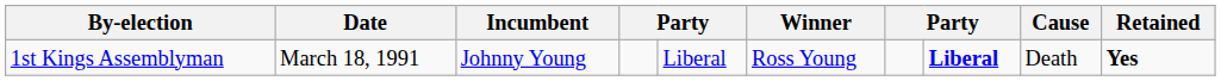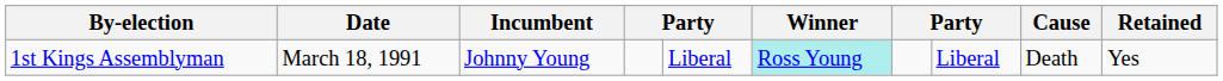 <table class=wikitable style="width:100%">
 <tr>
 <th>By-election</th>
 <th>Date</th>
 <th>Incumbent</th>
 <th colspan=2>Party</th>
 <th>Winner</th>
 <th colspan=2>Party</th>
 <th>Cause</th>
 <th>Retained</th>
 </tr>
 <tr>
 <td><a href='#'>1st Kings Assemblyman</a></td>
 <td>March 18, 1991</td>
 <td><a href='#'>Johnny Young</a></td>
 <td>    </td>
 <td><a href='#'>Liberal</a></td>
-<td><a href='#'>Ross Young</a></td>
+<td style="background: paleturquoise;"><a href='#'>Ross Young</a></td>
 <td>    </td>
-<td><strong><a href='#'>Liberal</a></strong></td>
+<td><a href='#'>Liberal</a></td>
 <td>Death</td>
-<td><strong>Yes</strong></td>
+<td>Yes</td>
 </tr>
 </table>
